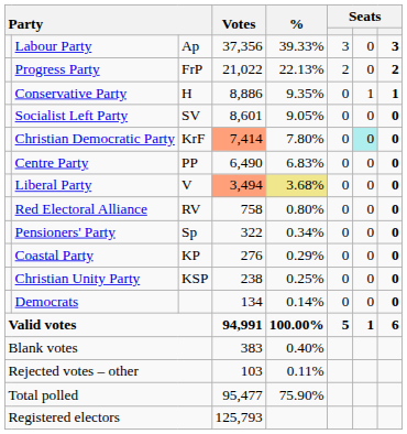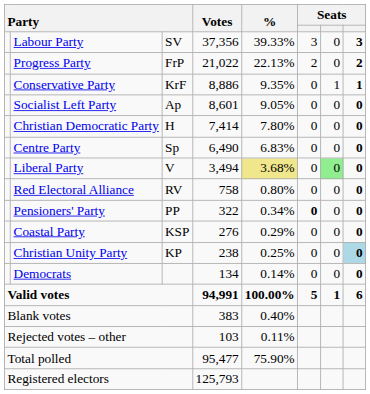 <table class="wikitable" border="1" style="text-align:right;">
 <tr>
 <th style="text-align:left;" valign=bottom rowspan=2 colspan=3>Party</th>
 <th align=center valign=bottom rowspan=2 width="50">Votes</th>
 <th align=center valign=bottom rowspan=2 width="50">%</th>
 <th colspan=3>Seats</th>
 </tr>
 <tr>
 <th align=center valign=bottom width="20"><small></small></th>
 <th align=center valign=bottom width="20"><small><a href='#'></a></small></th>
 <th align=center valign=bottom width="20"><small></small></th>
 </tr>
 <tr>
 <td style="color:inherit;background:"></td>
 <td align=left><a href='#'>Labour Party</a></td>
-<td align=left>Ap</td>
+<td align=left>SV</td>
 <td>37,356</td>
 <td>39.33%</td>
 <td>3</td>
 <td>0</td>
 <td><strong>3</strong></td>
 </tr>
 <tr>
 <td style="color:inherit;background:"></td>
 <td align=left><a href='#'>Progress Party</a></td>
 <td align=left>FrP</td>
 <td>21,022</td>
 <td>22.13%</td>
 <td>2</td>
 <td>0</td>
 <td><strong>2</strong></td>
 </tr>
 <tr>
 <td style="color:inherit;background:"></td>
 <td align=left><a href='#'>Conservative Party</a></td>
-<td align=left>H</td>
+<td align=left>KrF</td>
 <td>8,886</td>
 <td>9.35%</td>
 <td>0</td>
 <td>1</td>
 <td><strong>1</strong></td>
 </tr>
 <tr>
 <td style="color:inherit;background:"></td>
 <td align=left><a href='#'>Socialist Left Party</a></td>
-<td align=left>SV</td>
+<td align=left>Ap</td>
 <td>8,601</td>
 <td>9.05%</td>
 <td>0</td>
 <td>0</td>
 <td><strong>0</strong></td>
 </tr>
 <tr>
 <td style="color:inherit;background:"></td>
 <td align=left><a href='#'>Christian Democratic Party</a></td>
-<td align=left>KrF</td>
-<td style="background: lightsalmon;">7,414</td>
+<td align=left>H</td>
+<td>7,414</td>
 <td>7.80%</td>
 <td>0</td>
-<td style="background: paleturquoise;">0</td>
+<td>0</td>
 <td><strong>0</strong></td>
 </tr>
 <tr>
 <td style="color:inherit;background:"></td>
 <td align=left><a href='#'>Centre Party</a></td>
-<td align=left>PP</td>
+<td align=left>Sp</td>
 <td>6,490</td>
 <td>6.83%</td>
 <td>0</td>
 <td>0</td>
 <td><strong>0</strong></td>
 </tr>
 <tr>
 <td style="color:inherit;background:"></td>
 <td align=left><a href='#'>Liberal Party</a></td>
 <td align=left>V</td>
-<td style="background: lightsalmon;">3,494</td>
+<td>3,494</td>
 <td style="background: khaki;">3.68%</td>
 <td>0</td>
-<td>0</td>
+<td style="background: lightgreen;">0</td>
 <td><strong>0</strong></td>
 </tr>
 <tr>
 <td style="color:inherit;background:"></td>
 <td align=left><a href='#'>Red Electoral Alliance</a></td>
 <td align=left>RV</td>
 <td>758</td>
 <td>0.80%</td>
 <td>0</td>
 <td>0</td>
 <td><strong>0</strong></td>
 </tr>
 <tr>
 <td style="color:inherit;background:"></td>
 <td align=left><a href='#'>Pensioners' Party</a></td>
-<td align=left>Sp</td>
+<td align=left>PP</td>
 <td>322</td>
 <td>0.34%</td>
-<td>0</td>
+<td><strong>0</strong></td>
 <td>0</td>
 <td><strong>0</strong></td>
 </tr>
 <tr>
 <td style="color:inherit;background:"></td>
 <td align=left><a href='#'>Coastal Party</a></td>
-<td align=left>KP</td>
+<td align=left>KSP</td>
 <td>276</td>
 <td>0.29%</td>
 <td>0</td>
 <td>0</td>
 <td><strong>0</strong></td>
 </tr>
 <tr>
 <td style="color:inherit;background:"></td>
 <td align=left><a href='#'>Christian Unity Party</a></td>
-<td align=left>KSP</td>
+<td align=left>KP</td>
 <td>238</td>
 <td>0.25%</td>
 <td>0</td>
 <td>0</td>
-<td><strong>0</strong></td>
+<td style="background: lightblue;"><strong>0</strong></td>
 </tr>
 <tr>
 <td style="color:inherit;background:"></td>
 <td align=left><a href='#'>Democrats</a></td>
 <td align=left></td>
 <td>134</td>
 <td>0.14%</td>
 <td>0</td>
 <td>0</td>
 <td><strong>0</strong></td>
 </tr>
 <tr style="font-weight:bold">
 <td align=left colspan=3>Valid votes</td>
 <td>94,991</td>
 <td>100.00%</td>
 <td>5</td>
 <td>1</td>
 <td>6</td>
 </tr>
 <tr>
 <td align=left colspan=3>Blank votes</td>
 <td>383</td>
 <td>0.40%</td>
 <td></td>
 <td></td>
 <td></td>
 </tr>
 <tr>
 <td align=left colspan=3>Rejected votes – other</td>
 <td>103</td>
 <td>0.11%</td>
 <td></td>
 <td></td>
 <td></td>
 </tr>
 <tr>
 <td align=left colspan=3>Total polled</td>
 <td>95,477</td>
 <td>75.90%</td>
 <td></td>
 <td></td>
 <td></td>
 </tr>
 <tr>
 <td align=left colspan=3>Registered electors</td>
 <td>125,793</td>
 <td></td>
 <td></td>
 <td></td>
 <td></td>
 </tr>
 </table>
